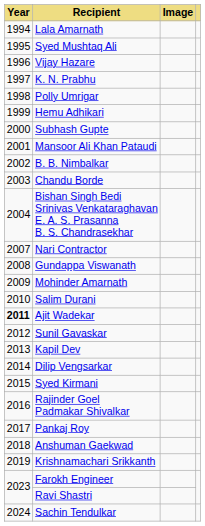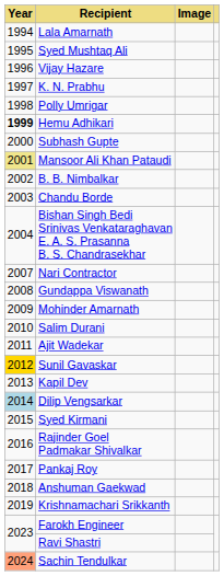 <table class="wikitable sortable">
 <tr>
 <th style="background-color: #eedd82; color:black;">Year</th>
 <th style="background-color: #eedd82; color:black;">Recipient</th>
 <th style="background-color: #eedd82; color:black;">Image</th>
 <th style="background-color: #eedd82; color:black;"></th>
 </tr>
 <tr>
 <td>1994</td>
 <td><a href='#'>Lala Amarnath</a></td>
 <td></td>
 <td></td>
 </tr>
 <tr>
 <td>1995</td>
 <td><a href='#'>Syed Mushtaq Ali</a></td>
 <td></td>
 <td></td>
 </tr>
 <tr>
 <td>1996</td>
 <td><a href='#'>Vijay Hazare</a></td>
 <td></td>
 <td></td>
 </tr>
 <tr>
 <td>1997</td>
 <td><a href='#'>K. N. Prabhu</a></td>
 <td></td>
 <td></td>
 </tr>
 <tr>
 <td>1998</td>
 <td><a href='#'>Polly Umrigar</a></td>
 <td></td>
 <td></td>
 </tr>
 <tr>
-<td>1999</td>
+<td><strong>1999</strong></td>
 <td><a href='#'>Hemu Adhikari</a></td>
 <td></td>
 <td></td>
 </tr>
 <tr>
 <td>2000</td>
 <td><a href='#'>Subhash Gupte</a></td>
 <td></td>
 <td></td>
 </tr>
 <tr>
-<td>2001</td>
+<td style="background: khaki;">2001</td>
 <td><a href='#'>Mansoor Ali Khan Pataudi</a></td>
 <td></td>
 <td></td>
 </tr>
 <tr>
 <td>2002</td>
 <td><a href='#'>B. B. Nimbalkar</a></td>
 <td></td>
 <td></td>
 </tr>
 <tr>
 <td>2003</td>
 <td><a href='#'>Chandu Borde</a></td>
 <td></td>
 <td></td>
 </tr>
 <tr>
 <td>2004</td>
 <td><a href='#'>Bishan Singh Bedi</a><br><a href='#'>Srinivas Venkataraghavan</a><br><a href='#'>E. A. S. Prasanna</a><br><a href='#'>B. S. Chandrasekhar</a></td>
 <td></td>
 <td></td>
 </tr>
 <tr>
 <td>2007</td>
 <td><a href='#'>Nari Contractor</a></td>
 <td></td>
 <td></td>
 </tr>
 <tr>
 <td>2008</td>
 <td><a href='#'>Gundappa Viswanath</a></td>
 <td></td>
 <td></td>
 </tr>
 <tr>
 <td>2009</td>
 <td><a href='#'>Mohinder Amarnath</a></td>
 <td></td>
 <td></td>
 </tr>
 <tr>
 <td>2010</td>
 <td><a href='#'>Salim Durani</a></td>
 <td></td>
 <td></td>
 </tr>
 <tr>
-<td><strong>2011</strong></td>
+<td>2011</td>
 <td><a href='#'>Ajit Wadekar</a></td>
 <td></td>
 <td></td>
 </tr>
 <tr>
-<td>2012</td>
+<td style="background: gold;">2012</td>
 <td><a href='#'>Sunil Gavaskar</a></td>
 <td></td>
 <td></td>
 </tr>
 <tr>
 <td>2013</td>
 <td><a href='#'>Kapil Dev</a></td>
 <td></td>
 <td></td>
 </tr>
 <tr>
-<td>2014</td>
+<td style="background: lightblue;">2014</td>
 <td><a href='#'>Dilip Vengsarkar</a></td>
 <td></td>
 <td></td>
 </tr>
 <tr>
 <td>2015</td>
 <td><a href='#'>Syed Kirmani</a></td>
 <td></td>
 <td></td>
 </tr>
 <tr>
 <td>2016</td>
 <td><a href='#'>Rajinder Goel</a><br><a href='#'>Padmakar Shivalkar</a></td>
 <td></td>
 <td></td>
 </tr>
 <tr>
 <td>2017</td>
 <td><a href='#'>Pankaj Roy</a></td>
 <td></td>
 <td></td>
 </tr>
 <tr>
 <td>2018</td>
 <td><a href='#'>Anshuman Gaekwad</a></td>
 <td></td>
 <td></td>
 </tr>
 <tr>
 <td>2019</td>
 <td><a href='#'>Krishnamachari Srikkanth</a></td>
 <td></td>
 <td></td>
 </tr>
 <tr>
 <td rowspan=2>2023</td>
 <td><a href='#'>Farokh Engineer</a></td>
 <td></td>
 <td rowspan=2></td>
 </tr>
 <tr>
 <td><a href='#'>Ravi Shastri</a></td>
 <td></td>
 </tr>
 <tr>
-<td>2024</td>
+<td style="background: lightsalmon;">2024</td>
 <td><a href='#'>Sachin Tendulkar</a></td>
 <td></td>
 <td rowspan=2></td>
 </tr>
 </table>
